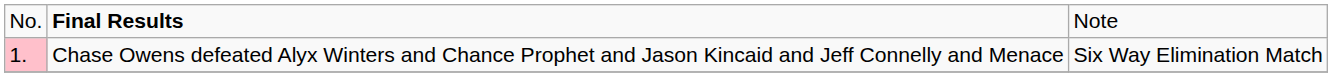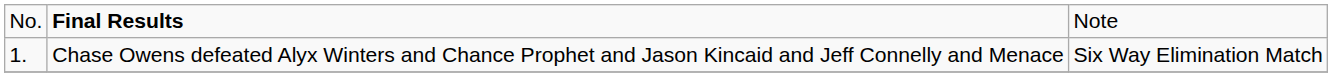 <table class="wikitable">
 <tr>
 <td>No.</td>
 <td><strong>Final Results</strong></td>
 <td>Note</td>
 </tr>
 <tr>
-<td style="background: pink;">1.</td>
+<td>1.</td>
 <td>Chase Owens defeated Alyx Winters and Chance Prophet and Jason Kincaid and Jeff Connelly and Menace</td>
 <td>Six Way Elimination Match</td>
 </tr>
 <tr>
 </tr>
 </table>
